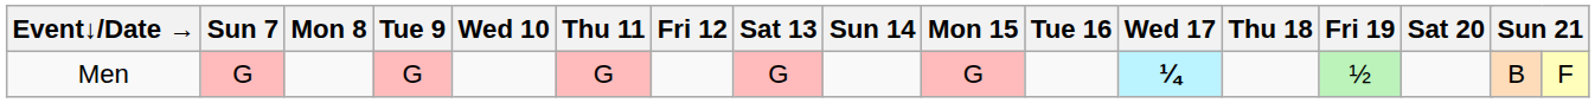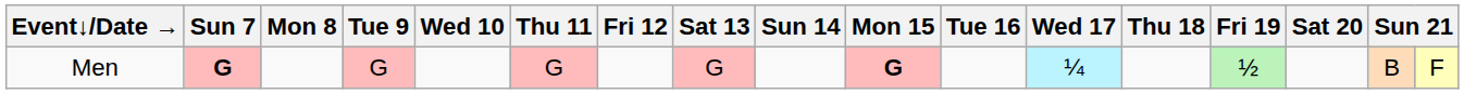 <table class="wikitable" style="margin:0.5em auto; font-size:90%; line-height:1.25em; text-align:center;">
 <tr>
 <th>Event↓/Date →</th>
 <th>Sun 7</th>
 <th>Mon 8</th>
 <th>Tue 9</th>
 <th>Wed 10</th>
 <th>Thu 11</th>
 <th>Fri 12</th>
 <th>Sat 13</th>
 <th>Sun 14</th>
 <th>Mon 15</th>
 <th>Tue 16</th>
 <th>Wed 17</th>
 <th>Thu 18</th>
 <th>Fri 19</th>
 <th colspan="2">Sat 20</th>
 <th colspan="2">Sun 21</th>
 </tr>
 <tr>
 <td>Men</td>
-<td bgcolor="#FFBBBB">G</td>
+<td bgcolor="#FFBBBB"><strong>G</strong></td>
 <td></td>
 <td bgcolor="#FFBBBB">G</td>
 <td></td>
 <td bgcolor="#FFBBBB">G</td>
 <td></td>
 <td bgcolor="#FFBBBB">G</td>
 <td></td>
-<td bgcolor="#FFBBBB">G</td>
+<td bgcolor="#FFBBBB"><strong>G</strong></td>
 <td></td>
-<td bgcolor="#BBF3FF"><strong>¼</strong></td>
+<td bgcolor="#BBF3FF">¼</td>
 <td></td>
 <td bgcolor="#BBF3BB">½</td>
 <td colspan="2"></td>
 <td bgcolor="#FEDCBA">B</td>
 <td bgcolor="#FFFFBB">F</td>
 </tr>
 </table>
